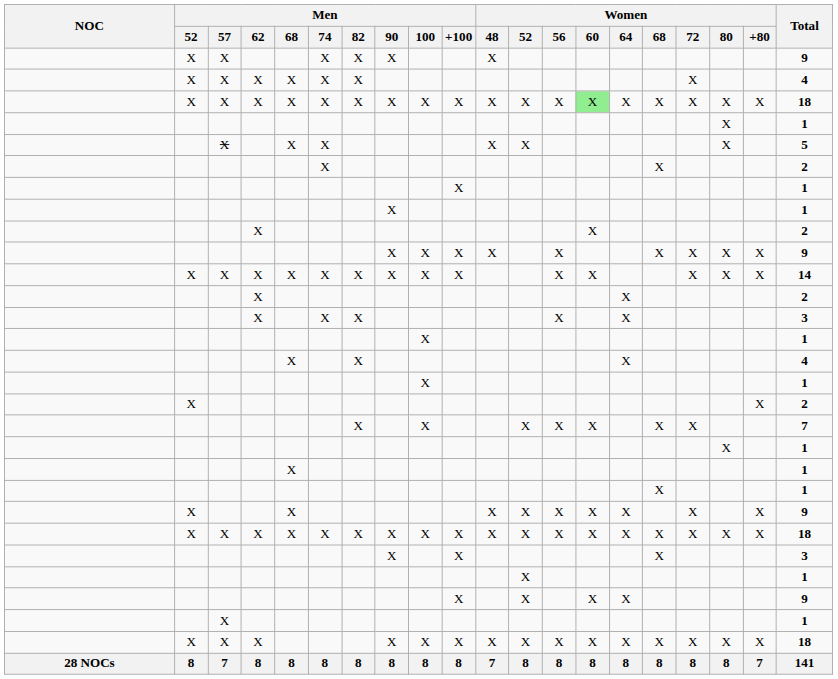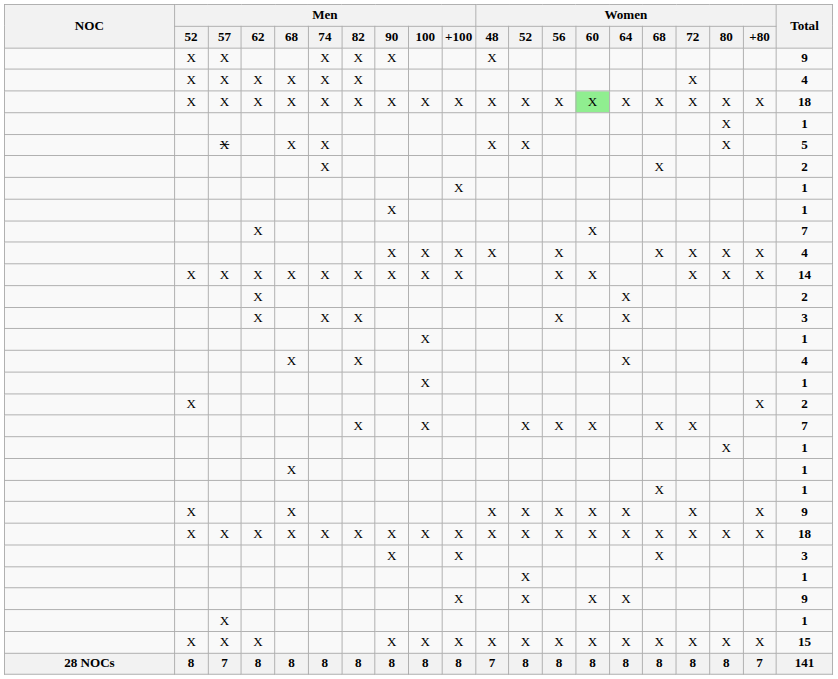 <table class="wikitable" style="text-align:center; font-size:90%">
 <tr>
 <th rowspan=2 width=180 align=left>NOC</th>
 <th colspan=9>Men</th>
 <th colspan=9>Women</th>
 <th width=55 rowspan=2>Total</th>
 </tr>
 <tr>
 <th width=30>52</th>
 <th width=30>57</th>
 <th width=30>62</th>
 <th width=30>68</th>
 <th width=30>74</th>
 <th width=30>82</th>
 <th width=30>90</th>
 <th width=30>100</th>
 <th width=30>+100</th>
 <th width=30>48</th>
 <th width=30>52</th>
 <th width=30>56</th>
 <th width=30>60</th>
 <th width=30>64</th>
 <th width=30>68</th>
 <th width=30>72</th>
 <th width=30>80</th>
 <th width=30>+80</th>
 </tr>
 <tr>
 <td align=left></td>
 <td>X</td>
 <td>X</td>
 <td></td>
 <td></td>
 <td>X</td>
 <td>X</td>
 <td>X</td>
 <td></td>
 <td></td>
 <td>X</td>
 <td></td>
 <td></td>
 <td></td>
 <td></td>
 <td></td>
 <td></td>
 <td></td>
 <td></td>
 <td><strong>9</strong></td>
 </tr>
 <tr>
 <td align=left></td>
 <td>X</td>
 <td>X</td>
 <td>X</td>
 <td>X</td>
 <td>X</td>
 <td>X</td>
 <td></td>
 <td></td>
 <td></td>
 <td></td>
 <td></td>
 <td></td>
 <td></td>
 <td></td>
 <td></td>
 <td>X</td>
 <td></td>
 <td></td>
 <td><strong>4</strong></td>
 </tr>
 <tr>
 <td align=left></td>
 <td>X</td>
 <td>X</td>
 <td>X</td>
 <td>X</td>
 <td>X</td>
 <td>X</td>
 <td>X</td>
 <td>X</td>
 <td>X</td>
 <td>X</td>
 <td>X</td>
 <td>X</td>
 <td style="background: lightgreen;">X</td>
 <td>X</td>
 <td>X</td>
 <td>X</td>
 <td>X</td>
 <td>X</td>
 <td><strong>18</strong></td>
 </tr>
 <tr>
 <td align=left></td>
 <td></td>
 <td></td>
 <td></td>
 <td></td>
 <td></td>
 <td></td>
 <td></td>
 <td></td>
 <td></td>
 <td></td>
 <td></td>
 <td></td>
 <td></td>
 <td></td>
 <td></td>
 <td></td>
 <td>X</td>
 <td></td>
 <td><strong>1</strong></td>
 </tr>
 <tr>
 <td align=left></td>
 <td></td>
 <td><s>X</s></td>
 <td></td>
 <td>X</td>
 <td>X</td>
 <td></td>
 <td></td>
 <td></td>
 <td></td>
 <td>X</td>
 <td>X</td>
 <td></td>
 <td></td>
 <td></td>
 <td></td>
 <td></td>
 <td>X</td>
 <td></td>
 <td><strong>5</strong></td>
 </tr>
 <tr>
 <td align=left></td>
 <td></td>
 <td></td>
 <td></td>
 <td></td>
 <td>X</td>
 <td></td>
 <td></td>
 <td></td>
 <td></td>
 <td></td>
 <td></td>
 <td></td>
 <td></td>
 <td></td>
 <td>X</td>
 <td></td>
 <td></td>
 <td></td>
 <td><strong>2</strong></td>
 </tr>
 <tr>
 <td align=left></td>
 <td></td>
 <td></td>
 <td></td>
 <td></td>
 <td></td>
 <td></td>
 <td></td>
 <td></td>
 <td>X</td>
 <td></td>
 <td></td>
 <td></td>
 <td></td>
 <td></td>
 <td></td>
 <td></td>
 <td></td>
 <td></td>
 <td><strong>1</strong></td>
 </tr>
 <tr>
 <td align=left></td>
 <td></td>
 <td></td>
 <td></td>
 <td></td>
 <td></td>
 <td></td>
 <td>X</td>
 <td></td>
 <td></td>
 <td></td>
 <td></td>
 <td></td>
 <td></td>
 <td></td>
 <td></td>
 <td></td>
 <td></td>
 <td></td>
 <td><strong>1</strong></td>
 </tr>
 <tr>
 <td align=left></td>
 <td></td>
 <td></td>
 <td>X</td>
 <td></td>
 <td></td>
 <td></td>
 <td></td>
 <td></td>
 <td></td>
 <td></td>
 <td></td>
 <td></td>
 <td>X</td>
 <td></td>
 <td></td>
 <td></td>
 <td></td>
 <td></td>
-<td><strong>2</strong></td>
+<td><strong>7</strong></td>
 </tr>
 <tr>
 <td align=left></td>
 <td></td>
 <td></td>
 <td></td>
 <td></td>
 <td></td>
 <td></td>
 <td>X</td>
 <td>X</td>
 <td>X</td>
 <td>X</td>
 <td></td>
 <td>X</td>
 <td></td>
 <td></td>
 <td>X</td>
 <td>X</td>
 <td>X</td>
 <td>X</td>
-<td><strong>9</strong></td>
+<td><strong>4</strong></td>
 </tr>
 <tr>
 <td align=left></td>
 <td>X</td>
 <td>X</td>
 <td>X</td>
 <td>X</td>
 <td>X</td>
 <td>X</td>
 <td>X</td>
 <td>X</td>
 <td>X</td>
 <td></td>
 <td></td>
 <td>X</td>
 <td>X</td>
 <td></td>
 <td></td>
 <td>X</td>
 <td>X</td>
 <td>X</td>
 <td><strong>14</strong></td>
 </tr>
 <tr>
 <td align=left></td>
 <td></td>
 <td></td>
 <td>X</td>
 <td></td>
 <td></td>
 <td></td>
 <td></td>
 <td></td>
 <td></td>
 <td></td>
 <td></td>
 <td></td>
 <td></td>
 <td>X</td>
 <td></td>
 <td></td>
 <td></td>
 <td></td>
 <td><strong>2</strong></td>
 </tr>
 <tr>
 <td align=left></td>
 <td></td>
 <td></td>
 <td>X</td>
 <td></td>
 <td>X</td>
 <td>X</td>
 <td></td>
 <td></td>
 <td></td>
 <td></td>
 <td></td>
 <td>X</td>
 <td></td>
 <td>X</td>
 <td></td>
 <td></td>
 <td></td>
 <td></td>
 <td><strong>3</strong></td>
 </tr>
 <tr>
 <td align=left></td>
 <td></td>
 <td></td>
 <td></td>
 <td></td>
 <td></td>
 <td></td>
 <td></td>
 <td>X</td>
 <td></td>
 <td></td>
 <td></td>
 <td></td>
 <td></td>
 <td></td>
 <td></td>
 <td></td>
 <td></td>
 <td></td>
 <td><strong>1</strong></td>
 </tr>
 <tr>
 <td align=left></td>
 <td></td>
 <td></td>
 <td></td>
 <td>X</td>
 <td></td>
 <td>X</td>
 <td></td>
 <td></td>
 <td></td>
 <td></td>
 <td></td>
 <td></td>
 <td></td>
 <td>X</td>
 <td></td>
 <td></td>
 <td></td>
 <td></td>
 <td><strong>4</strong></td>
 </tr>
 <tr>
 <td align=left></td>
 <td></td>
 <td></td>
 <td></td>
 <td></td>
 <td></td>
 <td></td>
 <td></td>
 <td>X</td>
 <td></td>
 <td></td>
 <td></td>
 <td></td>
 <td></td>
 <td></td>
 <td></td>
 <td></td>
 <td></td>
 <td></td>
 <td><strong>1</strong></td>
 </tr>
 <tr>
 <td align=left></td>
 <td>X</td>
 <td></td>
 <td></td>
 <td></td>
 <td></td>
 <td></td>
 <td></td>
 <td></td>
 <td></td>
 <td></td>
 <td></td>
 <td></td>
 <td></td>
 <td></td>
 <td></td>
 <td></td>
 <td></td>
 <td>X</td>
 <td><strong>2</strong></td>
 </tr>
 <tr>
 <td align=left></td>
 <td></td>
 <td></td>
 <td></td>
 <td></td>
 <td></td>
 <td>X</td>
 <td></td>
 <td>X</td>
 <td></td>
 <td></td>
 <td>X</td>
 <td>X</td>
 <td>X</td>
 <td></td>
 <td>X</td>
 <td>X</td>
 <td></td>
 <td></td>
 <td><strong>7</strong></td>
 </tr>
 <tr>
 <td align=left></td>
 <td></td>
 <td></td>
 <td></td>
 <td></td>
 <td></td>
 <td></td>
 <td></td>
 <td></td>
 <td></td>
 <td></td>
 <td></td>
 <td></td>
 <td></td>
 <td></td>
 <td></td>
 <td></td>
 <td>X</td>
 <td></td>
 <td><strong>1</strong></td>
 </tr>
 <tr>
 <td align=left></td>
 <td></td>
 <td></td>
 <td></td>
 <td>X</td>
 <td></td>
 <td></td>
 <td></td>
 <td></td>
 <td></td>
 <td></td>
 <td></td>
 <td></td>
 <td></td>
 <td></td>
 <td></td>
 <td></td>
 <td></td>
 <td></td>
 <td><strong>1</strong></td>
 </tr>
 <tr>
 <td align=left></td>
 <td></td>
 <td></td>
 <td></td>
 <td></td>
 <td></td>
 <td></td>
 <td></td>
 <td></td>
 <td></td>
 <td></td>
 <td></td>
 <td></td>
 <td></td>
 <td></td>
 <td>X</td>
 <td></td>
 <td></td>
 <td></td>
 <td><strong>1</strong></td>
 </tr>
 <tr>
 <td align=left></td>
 <td>X</td>
 <td></td>
 <td></td>
 <td>X</td>
 <td></td>
 <td></td>
 <td></td>
 <td></td>
 <td></td>
 <td>X</td>
 <td>X</td>
 <td>X</td>
 <td>X</td>
 <td>X</td>
 <td></td>
 <td>X</td>
 <td></td>
 <td>X</td>
 <td><strong>9</strong></td>
 </tr>
 <tr>
 <td align=left></td>
 <td>X</td>
 <td>X</td>
 <td>X</td>
 <td>X</td>
 <td>X</td>
 <td>X</td>
 <td>X</td>
 <td>X</td>
 <td>X</td>
 <td>X</td>
 <td>X</td>
 <td>X</td>
 <td>X</td>
 <td>X</td>
 <td>X</td>
 <td>X</td>
 <td>X</td>
 <td>X</td>
 <td><strong>18</strong></td>
 </tr>
 <tr>
 <td align=left></td>
 <td></td>
 <td></td>
 <td></td>
 <td></td>
 <td></td>
 <td></td>
 <td>X</td>
 <td></td>
 <td>X</td>
 <td></td>
 <td></td>
 <td></td>
 <td></td>
 <td></td>
 <td>X</td>
 <td></td>
 <td></td>
 <td></td>
 <td><strong>3</strong></td>
 </tr>
 <tr>
 <td align=left></td>
 <td></td>
 <td></td>
 <td></td>
 <td></td>
 <td></td>
 <td></td>
 <td></td>
 <td></td>
 <td></td>
 <td></td>
 <td>X</td>
 <td></td>
 <td></td>
 <td></td>
 <td></td>
 <td></td>
 <td></td>
 <td></td>
 <td><strong>1</strong></td>
 </tr>
 <tr>
 <td align=left></td>
 <td></td>
 <td></td>
 <td></td>
 <td></td>
 <td></td>
 <td></td>
 <td></td>
 <td></td>
 <td>X</td>
 <td></td>
 <td>X</td>
 <td></td>
 <td>X</td>
 <td>X</td>
 <td></td>
 <td></td>
 <td></td>
 <td></td>
 <td><strong>9</strong></td>
 </tr>
 <tr>
 <td align=left></td>
 <td></td>
 <td>X</td>
 <td></td>
 <td></td>
 <td></td>
 <td></td>
 <td></td>
 <td></td>
 <td></td>
 <td></td>
 <td></td>
 <td></td>
 <td></td>
 <td></td>
 <td></td>
 <td></td>
 <td></td>
 <td></td>
 <td><strong>1</strong></td>
 </tr>
 <tr>
 <td align=left></td>
 <td>X</td>
 <td>X</td>
 <td>X</td>
 <td></td>
 <td></td>
 <td></td>
 <td>X</td>
 <td>X</td>
 <td>X</td>
 <td>X</td>
 <td>X</td>
 <td>X</td>
 <td>X</td>
 <td>X</td>
 <td>X</td>
 <td>X</td>
 <td>X</td>
 <td>X</td>
-<td><strong>18</strong></td>
+<td><strong>15</strong></td>
 </tr>
 <tr>
 <th>28 NOCs</th>
 <th>8</th>
 <th>7</th>
 <th>8</th>
 <th>8</th>
 <th>8</th>
 <th>8</th>
 <th>8</th>
 <th>8</th>
 <th>8</th>
 <th>7</th>
 <th>8</th>
 <th>8</th>
 <th>8</th>
 <th>8</th>
 <th>8</th>
 <th>8</th>
 <th>8</th>
 <th>7</th>
 <th>141</th>
 </tr>
 </table>
